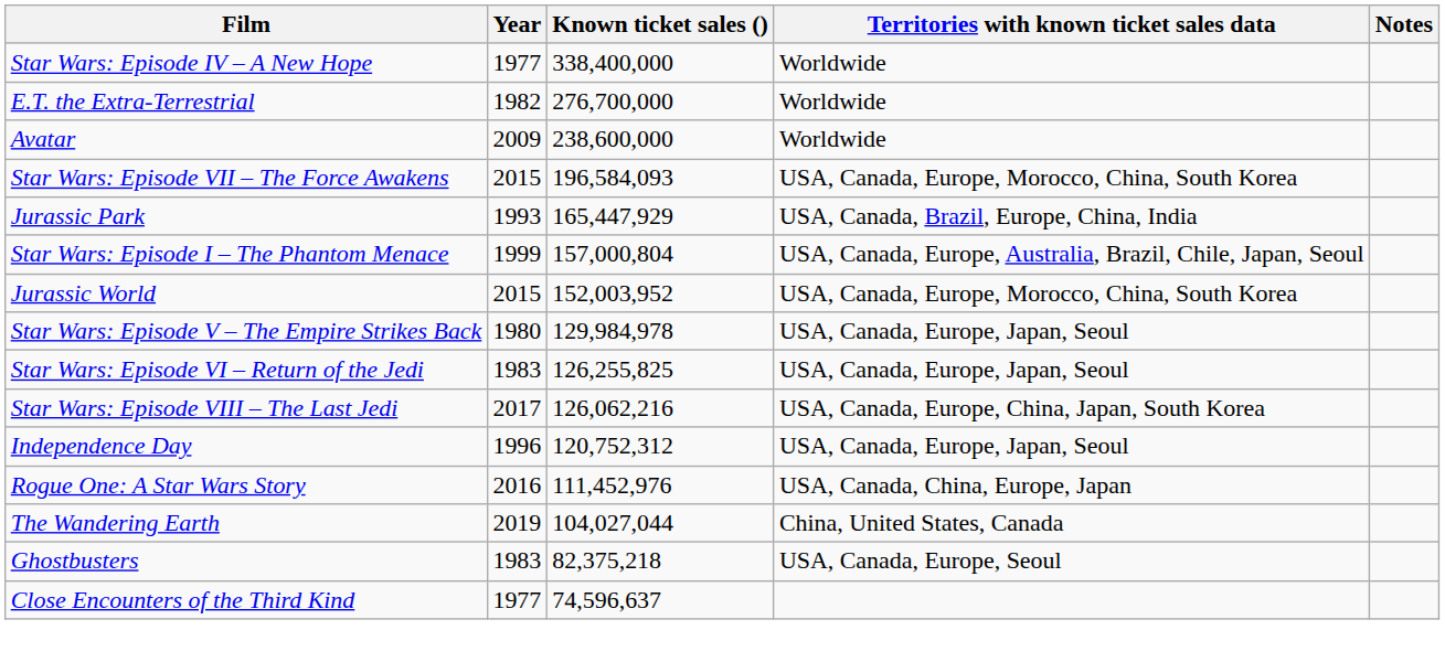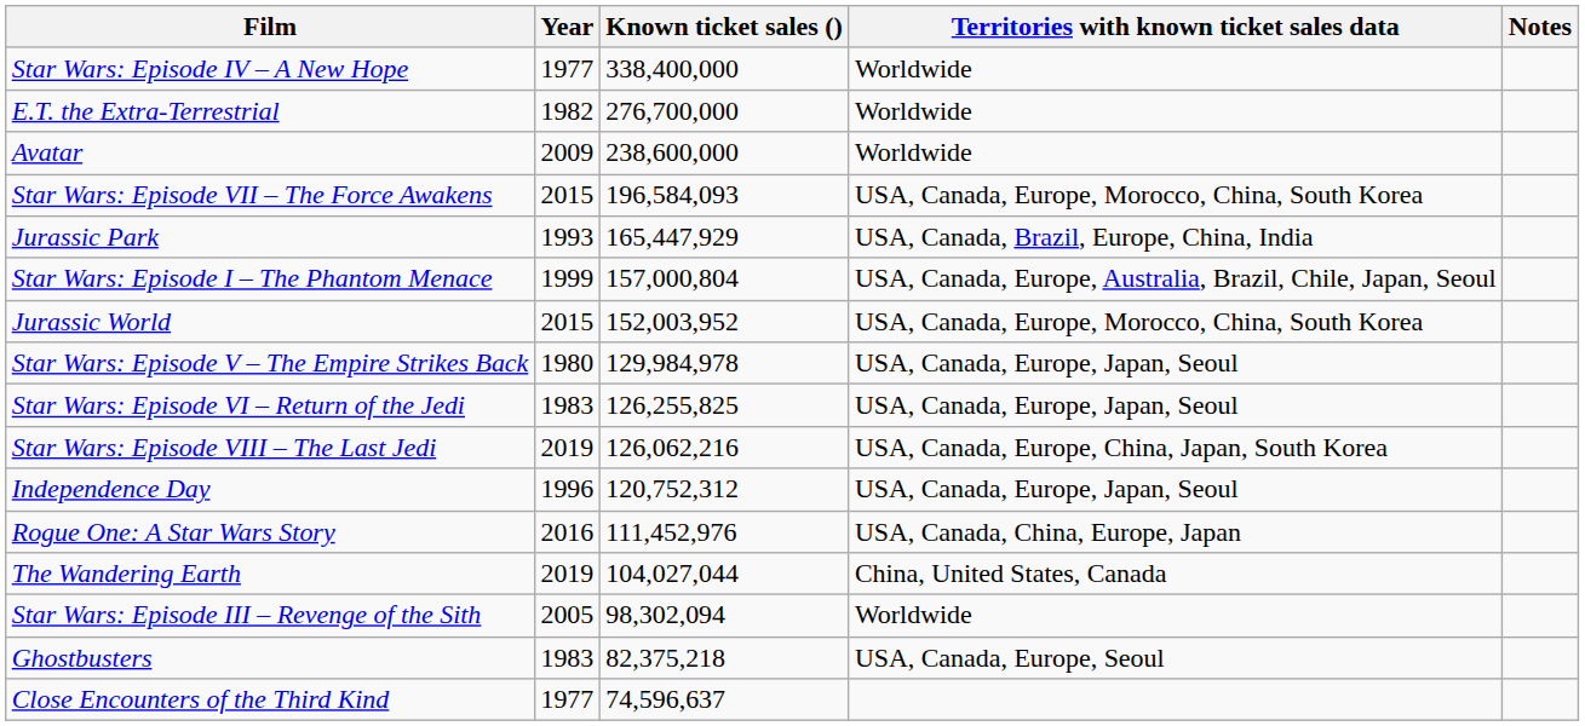 <table class="wikitable sortable">
 <tr>
 <th>Film</th>
 <th>Year</th>
 <th>Known ticket sales ()</th>
 <th><a href='#'>Territories</a> with known ticket sales data</th>
 <th class="unsortable">Notes</th>
 </tr>
 <tr>
 <td><em><a href='#'>Star Wars: Episode IV – A New Hope</a></em></td>
 <td>1977</td>
 <td>338,400,000</td>
 <td>Worldwide</td>
 <td></td>
 </tr>
 <tr>
 <td><em><a href='#'>E.T. the Extra-Terrestrial</a></em></td>
 <td>1982</td>
 <td>276,700,000</td>
 <td>Worldwide</td>
 <td></td>
 </tr>
 <tr>
 <td style="text-align:left;"><em><a href='#'>Avatar</a></em></td>
 <td>2009</td>
 <td>238,600,000</td>
 <td>Worldwide</td>
 <td></td>
 </tr>
 <tr>
 <td><em><a href='#'>Star Wars: Episode VII – The Force Awakens</a></em></td>
 <td>2015</td>
 <td>196,584,093</td>
 <td>USA, Canada, Europe, Morocco, China, South Korea</td>
 <td></td>
 </tr>
 <tr>
 <td><em><a href='#'>Jurassic Park</a></em></td>
 <td>1993</td>
 <td>165,447,929</td>
 <td>USA, Canada, <a href='#'>Brazil</a>, Europe, China, India</td>
 <td></td>
 </tr>
 <tr>
 <td><em><a href='#'>Star Wars: Episode I – The Phantom Menace</a></em></td>
 <td>1999</td>
 <td>157,000,804</td>
 <td>USA, Canada, Europe, <a href='#'>Australia</a>, Brazil, Chile, Japan, Seoul</td>
 <td></td>
 </tr>
 <tr>
 <td><em><a href='#'>Jurassic World</a></em></td>
 <td>2015</td>
 <td>152,003,952</td>
 <td>USA, Canada, Europe, Morocco, China, South Korea</td>
 <td></td>
 </tr>
 <tr>
 <td><em><a href='#'>Star Wars: Episode V – The Empire Strikes Back</a></em></td>
 <td>1980</td>
 <td>129,984,978</td>
 <td>USA, Canada, Europe, Japan, Seoul</td>
 <td></td>
 </tr>
 <tr>
 <td><em><a href='#'>Star Wars: Episode VI – Return of the Jedi</a></em></td>
 <td>1983</td>
 <td>126,255,825</td>
 <td>USA, Canada, Europe, Japan, Seoul</td>
 <td></td>
 </tr>
 <tr>
 <td><em><a href='#'>Star Wars: Episode VIII – The Last Jedi</a></em></td>
-<td>2017</td>
+<td>2019</td>
 <td>126,062,216</td>
 <td>USA, Canada, Europe, China, Japan, South Korea</td>
 <td></td>
 </tr>
 <tr>
 <td><em><a href='#'>Independence Day</a></em></td>
 <td>1996</td>
 <td>120,752,312</td>
 <td>USA, Canada, Europe, Japan, Seoul</td>
 <td></td>
 </tr>
 <tr>
 <td><em><a href='#'>Rogue One: A Star Wars Story</a></em></td>
 <td>2016</td>
 <td>111,452,976</td>
 <td>USA, Canada, China, Europe, Japan</td>
 <td></td>
 </tr>
 <tr>
 <td><em><a href='#'>The Wandering Earth</a></em></td>
 <td>2019</td>
 <td>104,027,044</td>
 <td>China, United States, Canada</td>
 <td></td>
 </tr>
 <tr>
+<td><em><a href='#'>Star Wars: Episode III – Revenge of the Sith</a></em></td>
+<td>2005</td>
+<td>98,302,094</td>
+<td>Worldwide</td>
+<td></td>
+</tr>
+<tr>
 <td><em><a href='#'>Ghostbusters</a></em></td>
 <td>1983</td>
 <td>82,375,218</td>
 <td>USA, Canada, Europe, Seoul</td>
 <td></td>
 </tr>
 <tr>
 <td><em><a href='#'>Close Encounters of the Third Kind</a></em></td>
 <td>1977</td>
 <td>74,596,637</td>
 <td></td>
 <td></td>
 </tr>
 </table>
